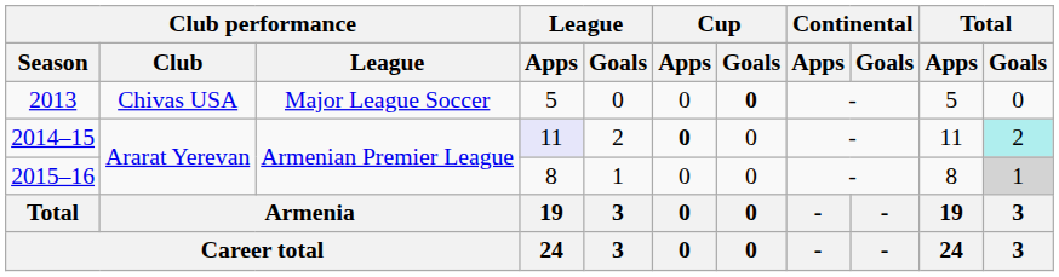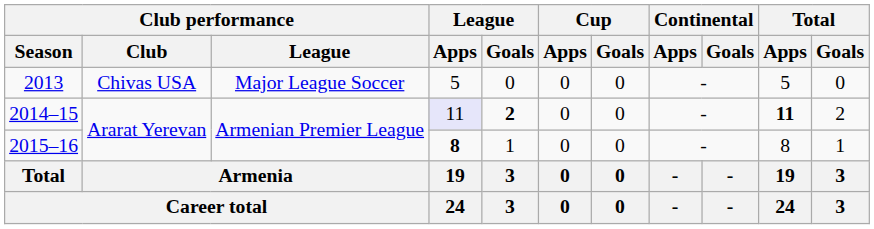 <table class="wikitable" style="text-align:center">
 <tr>
 <th colspan=3>Club performance</th>
 <th colspan=2>League</th>
 <th colspan=2>Cup</th>
 <th colspan=2>Continental</th>
 <th colspan=2>Total</th>
 </tr>
 <tr>
 <th>Season</th>
 <th>Club</th>
 <th>League</th>
 <th>Apps</th>
 <th>Goals</th>
 <th>Apps</th>
 <th>Goals</th>
 <th>Apps</th>
 <th>Goals</th>
 <th>Apps</th>
 <th>Goals</th>
 </tr>
 <tr>
 <td><a href='#'>2013</a></td>
 <td><a href='#'>Chivas USA</a></td>
 <td><a href='#'>Major League Soccer</a></td>
 <td>5</td>
 <td>0</td>
 <td>0</td>
-<td><strong>0</strong></td>
+<td>0</td>
 <td colspan="2">-</td>
 <td>5</td>
 <td>0</td>
 </tr>
 <tr>
 <td><a href='#'>2014–15</a></td>
 <td rowspan="2"><a href='#'>Ararat Yerevan</a></td>
 <td rowspan="2"><a href='#'>Armenian Premier League</a></td>
 <td style="background: lavender;">11</td>
-<td>2</td>
-<td><strong>0</strong></td>
+<td><strong>2</strong></td>
+<td>0</td>
 <td>0</td>
 <td colspan="2">-</td>
-<td>11</td>
-<td style="background: paleturquoise;">2</td>
+<td><strong>11</strong></td>
+<td>2</td>
 </tr>
 <tr>
 <td><a href='#'>2015–16</a></td>
-<td>8</td>
+<td><strong>8</strong></td>
 <td>1</td>
 <td>0</td>
 <td>0</td>
 <td colspan="2">-</td>
 <td>8</td>
-<td style="background: lightgrey;">1</td>
+<td>1</td>
 </tr>
 <tr>
 <th rowspan=1>Total</th>
 <th colspan=2>Armenia</th>
 <th>19</th>
 <th>3</th>
 <th>0</th>
 <th>0</th>
 <th>-</th>
 <th>-</th>
 <th>19</th>
 <th>3</th>
 </tr>
 <tr>
 <th colspan=3>Career total</th>
 <th>24</th>
 <th>3</th>
 <th>0</th>
 <th>0</th>
 <th>-</th>
 <th>-</th>
 <th>24</th>
 <th>3</th>
 </tr>
 </table>
